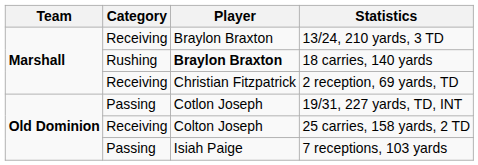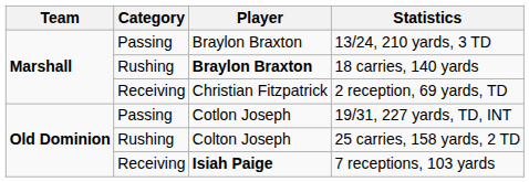 <table class="wikitable" style="float: right;">
 <tr>
 <th>Team</th>
 <th>Category</th>
 <th>Player</th>
 <th>Statistics</th>
 </tr>
 <tr>
 <td rowspan=3><strong>Marshall</strong></td>
-<td>Receiving</td>
+<td>Passing</td>
 <td>Braylon Braxton</td>
 <td>13/24, 210 yards, 3 TD</td>
 </tr>
 <tr>
 <td>Rushing</td>
 <td><strong>Braylon Braxton</strong></td>
 <td>18 carries, 140 yards</td>
 </tr>
 <tr>
 <td>Receiving</td>
 <td>Christian Fitzpatrick</td>
 <td>2 reception, 69 yards, TD</td>
 </tr>
 <tr>
 <td rowspan=3><strong>Old Dominion</strong></td>
 <td>Passing</td>
 <td>Cotlon Joseph</td>
 <td>19/31, 227 yards, TD, INT</td>
 </tr>
 <tr>
-<td>Receiving</td>
+<td>Rushing</td>
 <td>Colton Joseph</td>
 <td>25 carries, 158 yards, 2 TD</td>
 </tr>
 <tr>
-<td>Passing</td>
-<td>Isiah Paige</td>
+<td>Receiving</td>
+<td><strong>Isiah Paige</strong></td>
 <td>7 receptions, 103 yards</td>
 </tr>
 </table>
